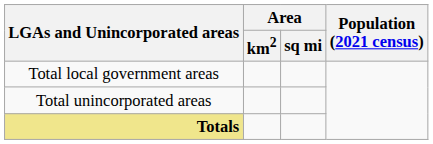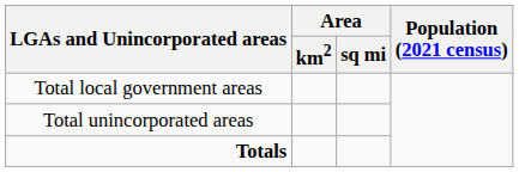 <table class="wikitable sortable plainrowheaders" style="text-align:center;">
 <tr>
 <th scope="col" rowspan="2">LGAs and Unincorporated areas</th>
 <th scope="col" colspan="2">Area</th>
 <th scope="col" rowspan="2">Population<br>(<a href='#'>2021 census</a>)</th>
 </tr>
 <tr>
 <th scope="col">km<sup>2</sup></th>
 <th scope="col">sq mi</th>
 </tr>
 <tr>
 <td scope="row">Total local government areas</td>
 <td></td>
 <td align="right"></td>
 </tr>
 <tr>
 <td scope="row">Total unincorporated areas</td>
 <td></td>
 <td align="right"></td>
 </tr>
 <tr style="font-weight:bold;">
-<td scope="row" align="right" style="background: khaki;">Totals</td>
+<td scope="row" align="right">Totals</td>
 <td></td>
 <td align="right"></td>
 </tr>
 </table>
